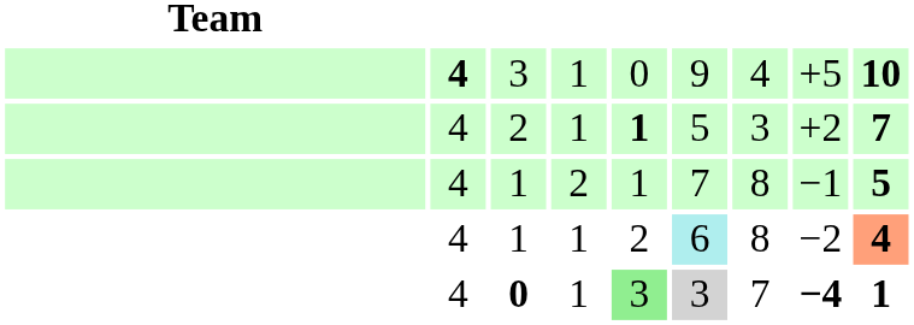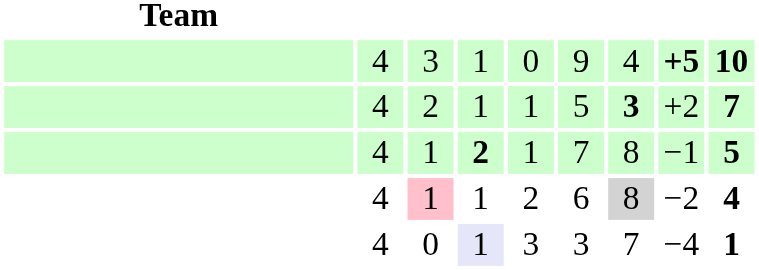 <table "wikitable" style="text-align: center">
 <tr>
 <th width=165>Team</th>
 <th width=20></th>
 <th width=20></th>
 <th width=20></th>
 <th width=20></th>
 <th width=20></th>
 <th width=20></th>
 <th width=20></th>
 <th width=20></th>
 </tr>
 <tr bgcolor="#CCFFCC">
 <td align=left></td>
-<td><strong>4</strong></td>
+<td>4</td>
 <td>3</td>
 <td>1</td>
 <td>0</td>
 <td>9</td>
 <td>4</td>
-<td>+5</td>
+<td><strong>+5</strong></td>
 <td><strong>10</strong></td>
 </tr>
 <tr bgcolor="#CCFFCC">
 <td align=left></td>
 <td>4</td>
 <td>2</td>
 <td>1</td>
-<td><strong>1</strong></td>
+<td>1</td>
 <td>5</td>
-<td>3</td>
+<td><strong>3</strong></td>
 <td>+2</td>
 <td><strong>7</strong></td>
 </tr>
 <tr bgcolor="#CCFFCC">
 <td align=left></td>
 <td>4</td>
 <td>1</td>
-<td>2</td>
+<td><strong>2</strong></td>
 <td>1</td>
 <td>7</td>
 <td>8</td>
 <td>−1</td>
 <td><strong>5</strong></td>
 </tr>
 <tr>
 <td align=left></td>
 <td>4</td>
-<td>1</td>
+<td style="background: pink;">1</td>
 <td>1</td>
 <td>2</td>
-<td style="background: paleturquoise;">6</td>
-<td>8</td>
+<td>6</td>
+<td style="background: lightgrey;">8</td>
 <td>−2</td>
-<td style="background: lightsalmon;"><strong>4</strong></td>
+<td><strong>4</strong></td>
 </tr>
 <tr>
 <td align=left></td>
 <td>4</td>
-<td><strong>0</strong></td>
-<td>1</td>
-<td style="background: lightgreen;">3</td>
-<td style="background: lightgrey;">3</td>
+<td>0</td>
+<td style="background: lavender;">1</td>
+<td>3</td>
+<td>3</td>
 <td>7</td>
-<td><strong>−4</strong></td>
+<td>−4</td>
 <td><strong>1</strong></td>
 </tr>
 </table>
